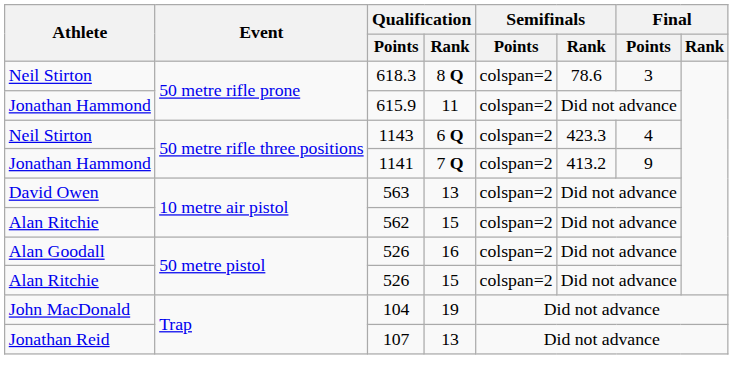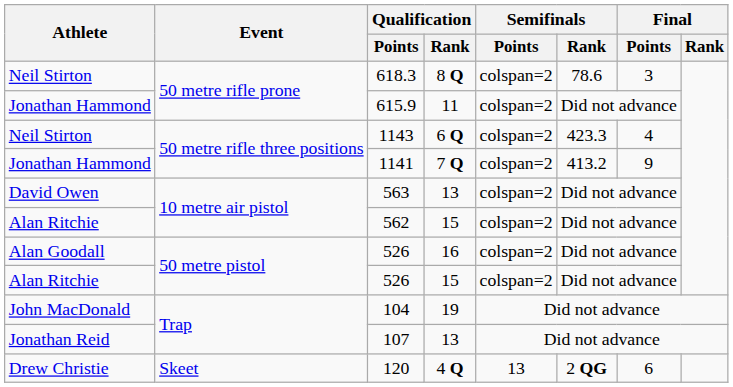 <table class="wikitable" style="font-size:90%">
 <tr>
 <th rowspan=2>Athlete</th>
 <th rowspan=2>Event</th>
 <th colspan=2>Qualification</th>
 <th colspan=2>Semifinals</th>
 <th colspan=2>Final</th>
 </tr>
 <tr style="font-size:95%">
 <th>Points</th>
 <th>Rank</th>
 <th>Points</th>
 <th>Rank</th>
 <th>Points</th>
 <th>Rank</th>
 </tr>
 <tr align=center>
 <td align=left><a href='#'>Neil Stirton</a></td>
 <td align=left rowspan=2><a href='#'>50 metre rifle prone</a></td>
 <td>618.3</td>
 <td>8 <strong>Q</strong></td>
 <td>colspan=2 </td>
 <td>78.6</td>
 <td>3</td>
 </tr>
 <tr align=center>
 <td align=left><a href='#'>Jonathan Hammond</a></td>
 <td>615.9</td>
 <td>11</td>
 <td>colspan=2 </td>
 <td colspan=2>Did not advance</td>
 </tr>
 <tr align=center>
 <td align=left><a href='#'>Neil Stirton</a></td>
 <td align=left rowspan=2><a href='#'>50 metre rifle three positions</a></td>
 <td>1143</td>
 <td>6 <strong>Q</strong></td>
 <td>colspan=2 </td>
 <td>423.3</td>
 <td>4</td>
 </tr>
 <tr align=center>
 <td align=left><a href='#'>Jonathan Hammond</a></td>
 <td>1141</td>
 <td>7 <strong>Q</strong></td>
 <td>colspan=2 </td>
 <td>413.2</td>
 <td>9</td>
 </tr>
 <tr align=center>
 <td align=left><a href='#'>David Owen</a></td>
 <td align=left rowspan=2><a href='#'>10 metre air pistol</a></td>
 <td>563</td>
 <td>13</td>
 <td>colspan=2 </td>
 <td colspan=2>Did not advance</td>
 </tr>
 <tr align=center>
 <td align=left><a href='#'>Alan Ritchie</a></td>
 <td>562</td>
 <td>15</td>
 <td>colspan=2 </td>
 <td colspan=2>Did not advance</td>
 </tr>
 <tr align=center>
 <td align=left><a href='#'>Alan Goodall</a></td>
 <td align=left rowspan=2><a href='#'>50 metre pistol</a></td>
 <td>526</td>
 <td>16</td>
 <td>colspan=2 </td>
 <td colspan=2>Did not advance</td>
 </tr>
 <tr align=center>
 <td align=left><a href='#'>Alan Ritchie</a></td>
 <td>526</td>
 <td>15</td>
 <td>colspan=2 </td>
 <td colspan=2>Did not advance</td>
 </tr>
 <tr align=center>
 <td align=left><a href='#'>John MacDonald</a></td>
 <td align=left rowspan=2><a href='#'>Trap</a></td>
 <td>104</td>
 <td>19</td>
 <td colspan=4>Did not advance</td>
 </tr>
 <tr align=center>
 <td align=left><a href='#'>Jonathan Reid</a></td>
 <td>107</td>
 <td>13</td>
 <td colspan=4>Did not advance</td>
 </tr>
+<tr align=center>
+<td align=left><a href='#'>Drew Christie</a></td>
+<td align=left><a href='#'>Skeet</a></td>
+<td>120</td>
+<td>4 <strong>Q</strong></td>
+<td>13</td>
+<td>2 <strong>QG</strong></td>
+<td>6</td>
+<td></td>
+</tr>
 </table>
